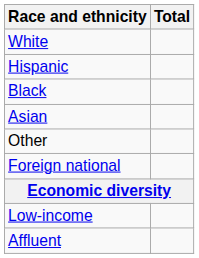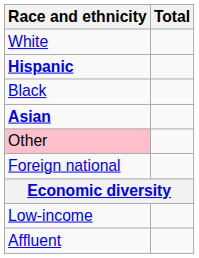 <table class="wikitable floatright sortable collapsible"; text-align:right; font-size:80%;">
 <tr>
 <th>Race and ethnicity</th>
 <th colspan="2" data-sort-type=number>Total</th>
 </tr>
 <tr>
 <td><a href='#'>White</a></td>
 <td align=right></td>
 </tr>
 <tr>
-<td><a href='#'>Hispanic</a></td>
+<td><strong><a href='#'>Hispanic</a></strong></td>
 <td align=right></td>
 </tr>
 <tr>
 <td><a href='#'>Black</a></td>
 <td align=right></td>
 </tr>
 <tr>
-<td><a href='#'>Asian</a></td>
+<td><strong><a href='#'>Asian</a></strong></td>
 <td align=right></td>
 </tr>
 <tr>
-<td>Other</td>
+<td style="background: pink;">Other</td>
 <td align=right></td>
 </tr>
 <tr>
 <td><a href='#'>Foreign national</a></td>
 <td align=right></td>
 </tr>
 <tr>
 <th colspan="4" data-sort-type=number><a href='#'>Economic diversity</a></th>
 </tr>
 <tr>
 <td><a href='#'>Low-income</a></td>
 <td align=right></td>
 </tr>
 <tr>
 <td><a href='#'>Affluent</a></td>
 <td align=right></td>
 </tr>
 </table>
